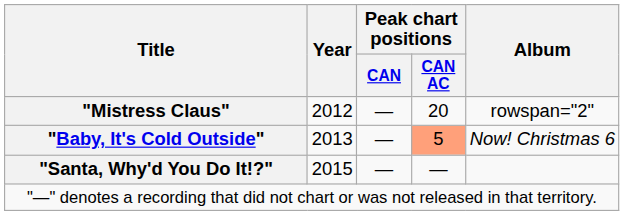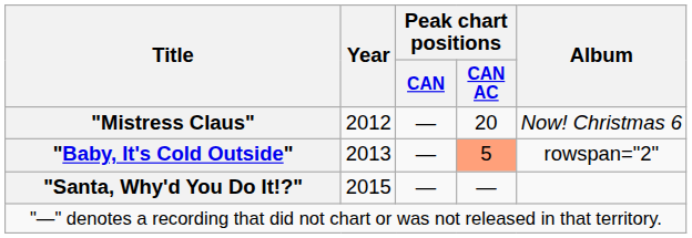 <table class="wikitable plainrowheaders" style="text-align:center;">
 <tr>
 <th scope="col" rowspan="2" style="width:16em;">Title</th>
 <th scope="col" rowspan="2" style="width:1em;">Year</th>
 <th scope="col" colspan="2">Peak chart positions</th>
 <th scope="col" rowspan="2">Album</th>
 </tr>
 <tr>
 <th scope="col" style="width:3em;font-size:85%;"><a href='#'>CAN</a><br></th>
 <th scope="col" style="width:3em;font-size:85%;"><a href='#'>CAN AC</a><br></th>
 </tr>
 <tr>
 <th scope="row">"Mistress Claus"</th>
 <td>2012</td>
 <td>—</td>
 <td>20</td>
-<td>rowspan="2" </td>
+<td><em>Now! Christmas 6</em></td>
 </tr>
 <tr>
 <th scope="row">"<a href='#'>Baby, It's Cold Outside</a>" <br> </th>
 <td>2013</td>
 <td>—</td>
 <td style="background: lightsalmon;">5</td>
-<td><em>Now! Christmas 6</em></td>
+<td>rowspan="2" </td>
 </tr>
 <tr>
 <th scope="row">"Santa, Why'd You Do It!?" <br> </th>
 <td>2015</td>
 <td>—</td>
 <td>—</td>
 </tr>
 <tr>
 <td colspan="8" style="font-size:90%">"—" denotes a recording that did not chart or was not released in that territory.</td>
 </tr>
 </table>
